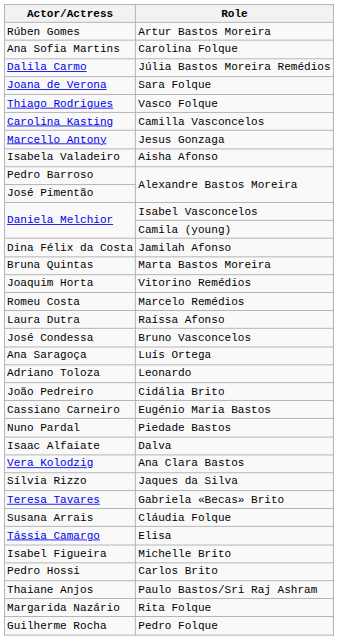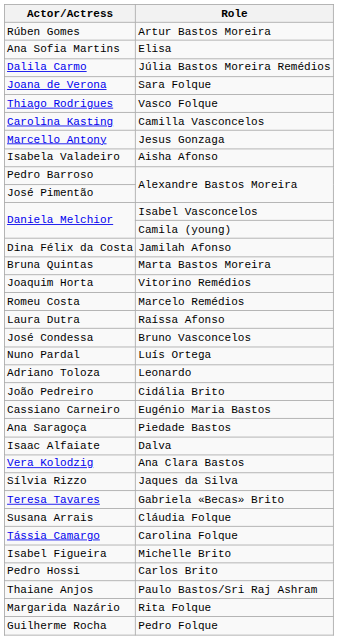 <table class="wikitable">
 <tr>
 <th>Actor/Actress</th>
 <th>Role</th>
 </tr>
 <tr>
 <td>Rúben Gomes</td>
 <td>Artur Bastos Moreira</td>
 </tr>
 <tr>
 <td>Ana Sofia Martins</td>
-<td>Carolina Folque</td>
+<td>Elisa</td>
 </tr>
 <tr>
 <td><a href='#'>Dalila Carmo</a></td>
 <td>Júlia Bastos Moreira Remédios</td>
 </tr>
 <tr>
 <td><a href='#'>Joana de Verona</a></td>
 <td>Sara Folque</td>
 </tr>
 <tr>
 <td><a href='#'>Thiago Rodrigues</a></td>
 <td>Vasco Folque</td>
 </tr>
 <tr>
 <td><a href='#'>Carolina Kasting</a></td>
 <td>Camilla Vasconcelos</td>
 </tr>
 <tr>
 <td><a href='#'>Marcello Antony</a></td>
 <td>Jesus Gonzaga</td>
 </tr>
 <tr>
 <td>Isabela Valadeiro</td>
 <td>Aisha Afonso</td>
 </tr>
 <tr>
 <td>Pedro Barroso</td>
 <td rowspan="2">Alexandre Bastos Moreira</td>
 </tr>
 <tr>
 <td>José Pimentão</td>
 </tr>
 <tr>
 <td rowspan="2"><a href='#'>Daniela Melchior</a></td>
 <td>Isabel Vasconcelos</td>
 </tr>
 <tr>
 <td>Camila (young)</td>
 </tr>
 <tr>
 <td>Dina Félix da Costa</td>
 <td>Jamilah Afonso</td>
 </tr>
 <tr>
 <td>Bruna Quintas</td>
 <td>Marta Bastos Moreira</td>
 </tr>
 <tr>
 <td>Joaquim Horta</td>
 <td>Vitorino Remédios</td>
 </tr>
 <tr>
 <td>Romeu Costa</td>
 <td>Marcelo Remédios</td>
 </tr>
 <tr>
 <td>Laura Dutra</td>
 <td>Raíssa Afonso</td>
 </tr>
 <tr>
 <td>José Condessa</td>
 <td>Bruno Vasconcelos</td>
 </tr>
 <tr>
-<td>Ana Saragoça</td>
+<td>Nuno Pardal</td>
 <td>Luís Ortega</td>
 </tr>
 <tr>
 <td>Adriano Toloza</td>
 <td>Leonardo</td>
 </tr>
 <tr>
 <td>João Pedreiro</td>
 <td>Cidália Brito</td>
 </tr>
 <tr>
 <td>Cassiano Carneiro</td>
 <td>Eugénio Maria Bastos</td>
 </tr>
 <tr>
-<td>Nuno Pardal</td>
+<td>Ana Saragoça</td>
 <td>Piedade Bastos</td>
 </tr>
 <tr>
 <td>Isaac Alfaiate</td>
 <td>Dalva</td>
 </tr>
 <tr>
 <td><a href='#'>Vera Kolodzig</a></td>
 <td>Ana Clara Bastos</td>
 </tr>
 <tr>
 <td>Sílvia Rizzo</td>
 <td>Jaques da Silva</td>
 </tr>
 <tr>
 <td><a href='#'>Teresa Tavares</a></td>
 <td>Gabriela «Becas» Brito</td>
 </tr>
 <tr>
 <td>Susana Arrais</td>
 <td>Cláudia Folque</td>
 </tr>
 <tr>
 <td><a href='#'>Tássia Camargo</a></td>
-<td>Elisa</td>
+<td>Carolina Folque</td>
 </tr>
 <tr>
 <td>Isabel Figueira</td>
 <td>Michelle Brito</td>
 </tr>
 <tr>
 <td>Pedro Hossi</td>
 <td>Carlos Brito</td>
 </tr>
 <tr>
 <td>Thaiane Anjos</td>
 <td>Paulo Bastos/Sri Raj Ashram</td>
 </tr>
 <tr>
 <td>Margarida Nazário</td>
 <td>Rita Folque</td>
 </tr>
 <tr>
 <td>Guilherme Rocha</td>
 <td>Pedro Folque</td>
 </tr>
 </table>
